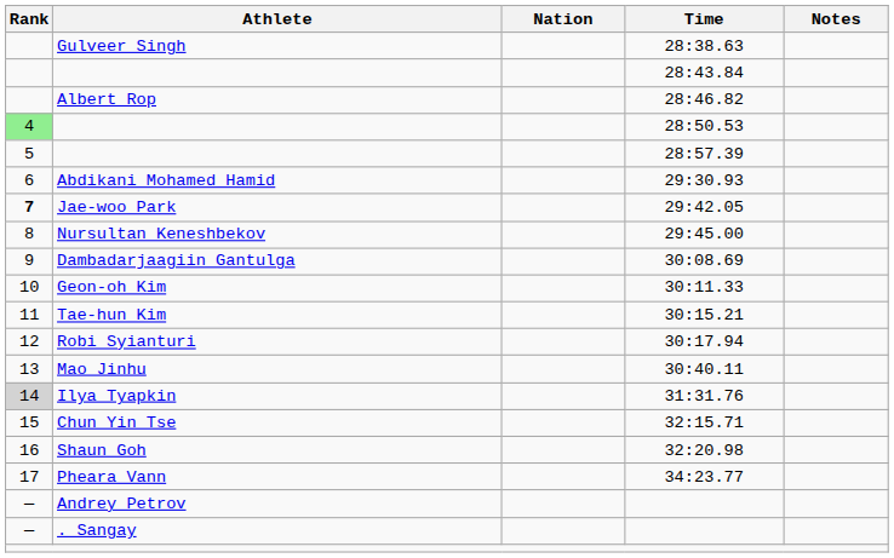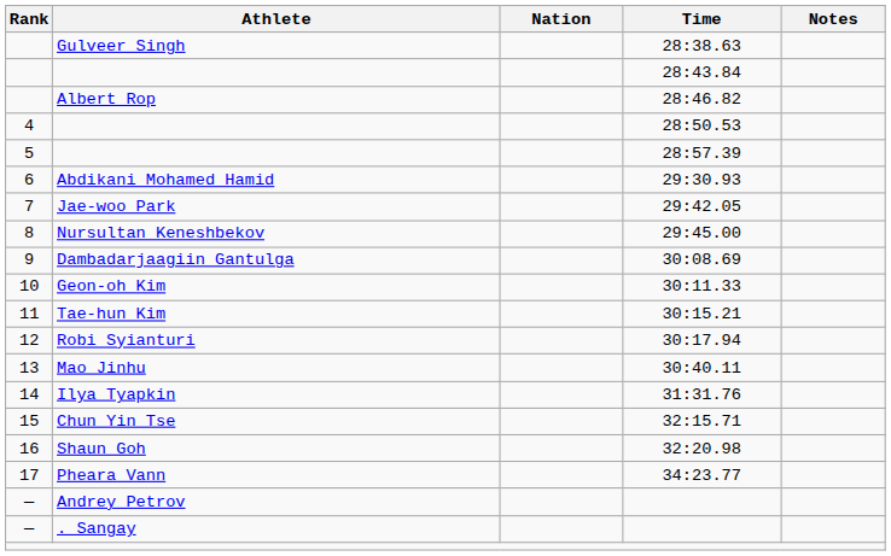 <table class="wikitable sortable" style="text-align:center;width: 55%;">
 <tr>
 <th scope="col" style="width: 10px;">Rank</th>
 <th scope="col">Athlete</th>
 <th scope="col">Nation</th>
 <th scope="col">Time</th>
 <th scope="col">Notes</th>
 </tr>
 <tr>
 <td></td>
 <td align=left><a href='#'>Gulveer Singh</a></td>
 <td align=left></td>
 <td>28:38.63</td>
 <td></td>
 </tr>
 <tr>
 <td></td>
 <td align=left></td>
 <td align=left></td>
 <td>28:43.84</td>
 <td></td>
 </tr>
 <tr>
 <td></td>
 <td align=left><a href='#'>Albert Rop</a></td>
 <td align=left></td>
 <td>28:46.82</td>
 <td></td>
 </tr>
 <tr>
-<td style="background: lightgreen;">4</td>
+<td>4</td>
 <td align=left></td>
 <td align=left></td>
 <td>28:50.53</td>
 <td></td>
 </tr>
 <tr>
 <td>5</td>
 <td align=left></td>
 <td align=left></td>
 <td>28:57.39</td>
 <td></td>
 </tr>
 <tr>
 <td>6</td>
 <td align=left><a href='#'>Abdikani Mohamed Hamid</a></td>
 <td align=left></td>
 <td>29:30.93</td>
 <td></td>
 </tr>
 <tr>
-<td><strong>7</strong></td>
+<td>7</td>
 <td align=left><a href='#'>Jae-woo Park</a></td>
 <td align=left></td>
 <td>29:42.05</td>
 <td></td>
 </tr>
 <tr>
 <td>8</td>
 <td align=left><a href='#'>Nursultan Keneshbekov</a></td>
 <td align=left></td>
 <td>29:45.00</td>
 <td></td>
 </tr>
 <tr>
 <td>9</td>
 <td align=left><a href='#'>Dambadarjaagiin Gantulga</a></td>
 <td align=left></td>
 <td>30:08.69</td>
 <td></td>
 </tr>
 <tr>
 <td>10</td>
 <td align=left><a href='#'>Geon-oh Kim</a></td>
 <td align=left></td>
 <td>30:11.33</td>
 <td></td>
 </tr>
 <tr>
 <td>11</td>
 <td align=left><a href='#'>Tae-hun Kim</a></td>
 <td align=left></td>
 <td>30:15.21</td>
 <td></td>
 </tr>
 <tr>
 <td>12</td>
 <td align=left><a href='#'>Robi Syianturi</a></td>
 <td align=left></td>
 <td>30:17.94</td>
 <td></td>
 </tr>
 <tr>
 <td>13</td>
 <td align=left><a href='#'>Mao Jinhu</a></td>
 <td align=left></td>
 <td>30:40.11</td>
 <td></td>
 </tr>
 <tr>
-<td style="background: lightgrey;">14</td>
+<td>14</td>
 <td align=left><a href='#'>Ilya Tyapkin</a></td>
 <td align=left></td>
 <td>31:31.76</td>
 <td></td>
 </tr>
 <tr>
 <td>15</td>
 <td align=left><a href='#'>Chun Yin Tse</a></td>
 <td align=left></td>
 <td>32:15.71</td>
 <td></td>
 </tr>
 <tr>
 <td>16</td>
 <td align=left><a href='#'>Shaun Goh</a></td>
 <td align=left></td>
 <td>32:20.98</td>
 <td></td>
 </tr>
 <tr>
 <td>17</td>
 <td align=left><a href='#'>Pheara Vann</a></td>
 <td align=left></td>
 <td>34:23.77</td>
 <td></td>
 </tr>
 <tr>
 <td>—</td>
 <td align=left><a href='#'>Andrey Petrov</a></td>
 <td align=left></td>
 <td></td>
 <td></td>
 </tr>
 <tr>
 <td>—</td>
 <td align=left><a href='#'>. Sangay</a></td>
 <td align=left></td>
 <td></td>
 <td></td>
 </tr>
 <tr class="sortbottom">
 <td colspan="5"></td>
 </tr>
 </table>
